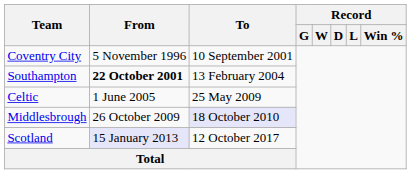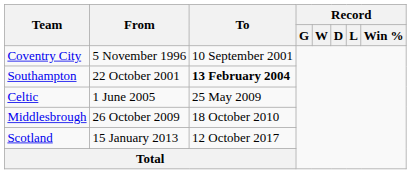 <table class="wikitable" style="text-align: center">
 <tr>
 <th rowspan="2">Team</th>
 <th rowspan="2">From</th>
 <th rowspan="2">To</th>
 <th colspan="5">Record</th>
 </tr>
 <tr>
 <th>G</th>
 <th>W</th>
 <th>D</th>
 <th>L</th>
 <th>Win %</th>
 </tr>
 <tr>
 <td align=left><a href='#'>Coventry City</a></td>
 <td align=left>5 November 1996</td>
 <td align=left>10 September 2001<br></td>
 </tr>
 <tr>
 <td align=left><a href='#'>Southampton</a></td>
-<td align=left><strong>22 October 2001</strong></td>
-<td align=left>13 February 2004<br></td>
+<td align=left>22 October 2001</td>
+<td align=left><strong>13 February 2004<br></strong></td>
 </tr>
 <tr>
 <td align=left><a href='#'>Celtic</a></td>
 <td align=left>1 June 2005</td>
 <td align=left>25 May 2009<br></td>
 </tr>
 <tr>
 <td align=left><a href='#'>Middlesbrough</a></td>
 <td align=left>26 October 2009</td>
-<td align=left style="background: lavender;">18 October 2010<br></td>
+<td align=left>18 October 2010<br></td>
 </tr>
 <tr>
 <td align=left><a href='#'>Scotland</a></td>
-<td align=left style="background: lavender;">15 January 2013</td>
+<td align=left>15 January 2013</td>
 <td align=left>12 October 2017<br></td>
 </tr>
 <tr>
 <th colspan="3">Total<br></th>
 </tr>
 </table>
